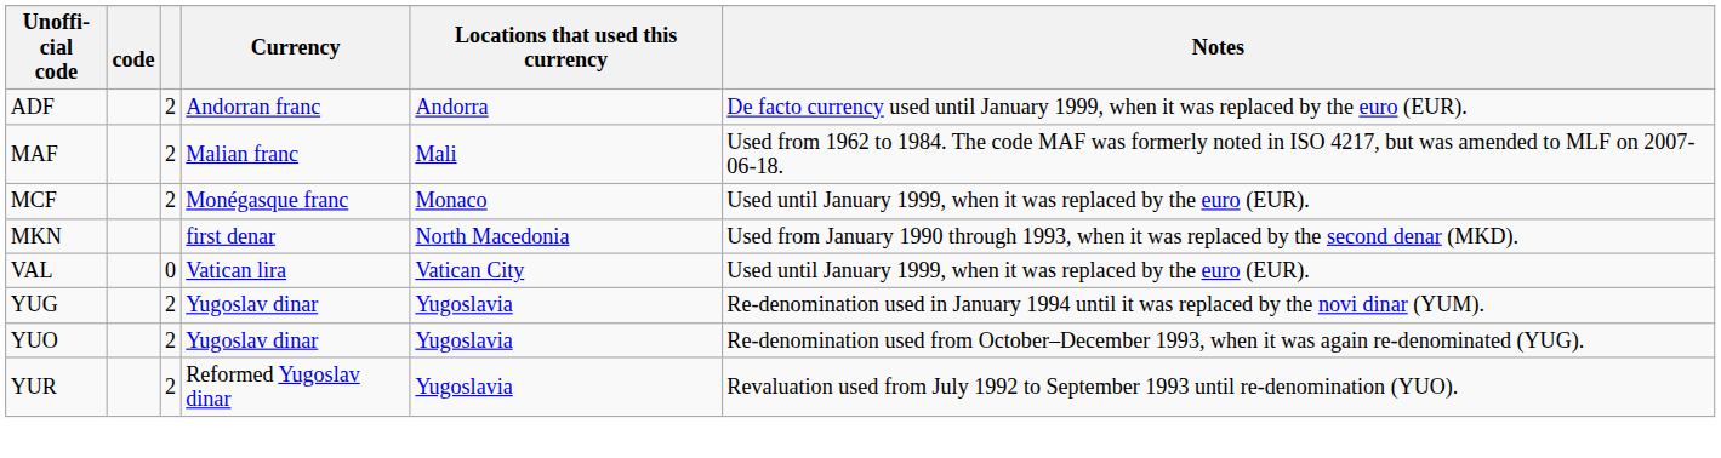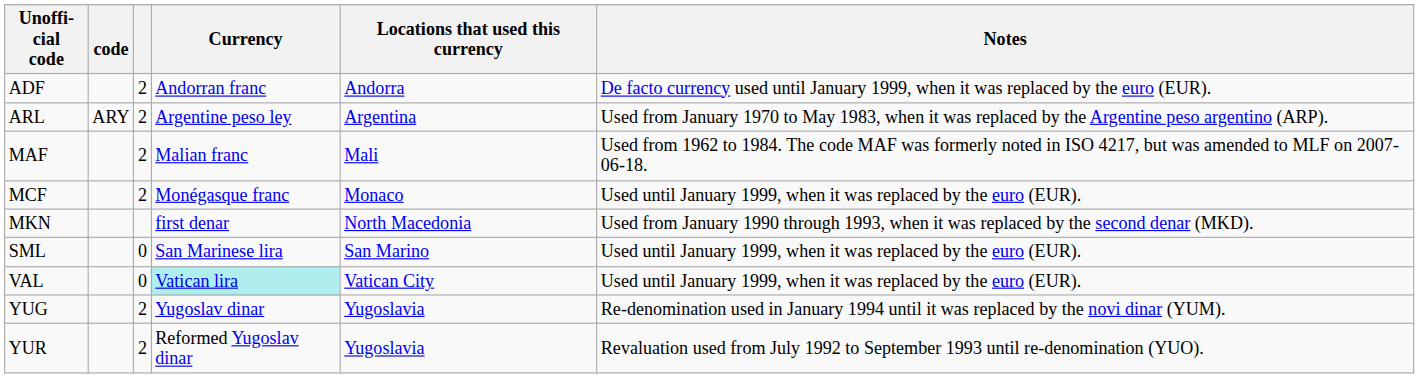 <table class="wikitable sortable mw-collapsible">
 <tr>
 </tr>
 <tr>
 <th>Unoffi­cial<br>code</th>
 <th><br>code</th>
 <th></th>
 <th>Currency</th>
 <th>Locations that used this currency</th>
 <th>Notes</th>
 </tr>
 <tr>
 <td>ADF</td>
 <td></td>
 <td>2</td>
 <td><a href='#'>Andorran franc</a></td>
 <td><a href='#'>Andorra</a></td>
 <td><a href='#'>De facto currency</a> used until January 1999, when it was replaced by the <a href='#'>euro</a> (EUR).</td>
+</tr>
+<tr>
+<td>ARL</td>
+<td>ARY</td>
+<td>2</td>
+<td><a href='#'>Argentine peso ley</a></td>
+<td><a href='#'>Argentina</a></td>
+<td>Used from January 1970 to May 1983, when it was replaced by the <a href='#'>Argentine peso argentino</a> (ARP).</td>
 </tr>
 <tr>
 <td>MAF</td>
 <td></td>
 <td>2</td>
 <td><a href='#'>Malian franc</a></td>
 <td><a href='#'>Mali</a></td>
 <td>Used from 1962 to 1984. The code MAF was formerly noted in ISO 4217, but was amended to MLF on 2007-06-18.</td>
 </tr>
 <tr>
 <td>MCF</td>
 <td></td>
 <td>2</td>
 <td><a href='#'>Monégasque franc</a></td>
 <td><a href='#'>Monaco</a></td>
 <td>Used until January 1999, when it was replaced by the <a href='#'>euro</a> (EUR).</td>
 </tr>
 <tr>
 <td>MKN</td>
 <td></td>
 <td></td>
 <td><a href='#'>first denar</a></td>
 <td><a href='#'>North Macedonia</a></td>
 <td>Used from January 1990 through 1993, when it was replaced by the <a href='#'>second denar</a> (MKD).</td>
 </tr>
 <tr>
+<td>SML</td>
+<td></td>
+<td>0</td>
+<td><a href='#'>San Marinese lira</a></td>
+<td><a href='#'>San Marino</a></td>
+<td>Used until January 1999, when it was replaced by the <a href='#'>euro</a> (EUR).</td>
+</tr>
+<tr>
 <td>VAL</td>
 <td></td>
 <td>0</td>
-<td><a href='#'>Vatican lira</a></td>
+<td style="background: paleturquoise;"><a href='#'>Vatican lira</a></td>
 <td><a href='#'>Vatican City</a></td>
 <td>Used until January 1999, when it was replaced by the <a href='#'>euro</a> (EUR).</td>
 </tr>
 <tr>
 <td>YUG</td>
 <td></td>
 <td>2</td>
 <td><a href='#'>Yugoslav dinar</a></td>
 <td><a href='#'>Yugoslavia</a></td>
 <td>Re-denomination used in January 1994 until it was replaced by the <a href='#'>novi dinar</a> (YUM).</td>
 </tr>
 <tr>
-<td>YUO</td>
-<td></td>
-<td>2</td>
-<td><a href='#'>Yugoslav dinar</a></td>
-<td><a href='#'>Yugoslavia</a></td>
-<td>Re-denomination used from October–December 1993, when it was again re-denominated (YUG).</td>
-</tr>
-<tr>
 <td>YUR</td>
 <td></td>
 <td>2</td>
 <td>Reformed <a href='#'>Yugoslav dinar</a></td>
 <td><a href='#'>Yugoslavia</a></td>
 <td>Revaluation used from July 1992 to September 1993 until re-denomination (YUO).</td>
 </tr>
 </table>
